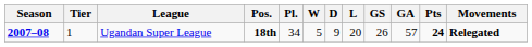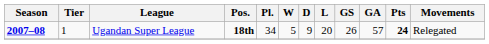 <table class="wikitable" style="width:80%; font-size:100%">
 <tr bgcolor="#efefef">
 <th>Season</th>
 <th>Tier</th>
 <th>League</th>
 <th>Pos.</th>
 <th>Pl.</th>
 <th>W</th>
 <th>D</th>
 <th>L</th>
 <th>GS</th>
 <th>GA</th>
 <th>Pts</th>
 <th>Movements</th>
 </tr>
 <tr>
 <td><strong><a href='#'>2007–08</a></strong></td>
 <td>1</td>
 <td><a href='#'>Ugandan Super League</a></td>
 <td align=right><strong>18th</strong></td>
 <td align=right>34</td>
 <td align=right>5</td>
 <td align=right>9</td>
 <td align=right>20</td>
 <td align=right>26</td>
 <td align=right>57</td>
 <td align=right><strong>24</strong></td>
-<td><strong>Relegated</strong></td>
+<td>Relegated</td>
 </tr>
 <tr>
 </tr>
 </table>
